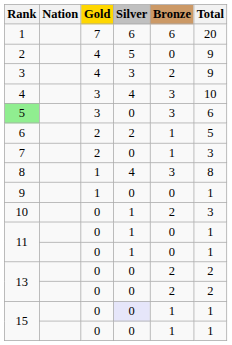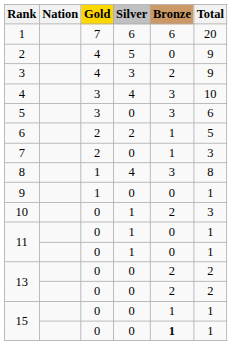 <table class="wikitable sortable" style="text-align:center">
 <tr>
 <th>Rank</th>
 <th>Nation</th>
 <th style="background-color:gold">Gold</th>
 <th style="background-color:silver">Silver</th>
 <th style="background-color:#cc9966">Bronze</th>
 <th>Total</th>
 </tr>
 <tr>
 <td>1</td>
 <td align=left></td>
 <td>7</td>
 <td>6</td>
 <td>6</td>
 <td>20</td>
 </tr>
 <tr>
 <td>2</td>
 <td align=left></td>
 <td>4</td>
 <td>5</td>
 <td>0</td>
 <td>9</td>
 </tr>
 <tr>
 <td>3</td>
 <td align=left></td>
 <td>4</td>
 <td>3</td>
 <td>2</td>
 <td>9</td>
 </tr>
 <tr>
 <td>4</td>
 <td align=left></td>
 <td>3</td>
 <td>4</td>
 <td>3</td>
 <td>10</td>
 </tr>
 <tr>
-<td style="background: lightgreen;">5</td>
+<td>5</td>
 <td align=left></td>
 <td>3</td>
 <td>0</td>
 <td>3</td>
 <td>6</td>
 </tr>
 <tr>
 <td>6</td>
 <td align=left></td>
 <td>2</td>
 <td>2</td>
 <td>1</td>
 <td>5</td>
 </tr>
 <tr>
 <td>7</td>
 <td align=left></td>
 <td>2</td>
 <td>0</td>
 <td>1</td>
 <td>3</td>
 </tr>
 <tr>
 <td>8</td>
 <td align=left></td>
 <td>1</td>
 <td>4</td>
 <td>3</td>
 <td>8</td>
 </tr>
 <tr>
 <td>9</td>
 <td align=left></td>
 <td>1</td>
 <td>0</td>
 <td>0</td>
 <td>1</td>
 </tr>
 <tr>
 <td>10</td>
 <td align=left></td>
 <td>0</td>
 <td>1</td>
 <td>2</td>
 <td>3</td>
 </tr>
 <tr>
 <td rowspan=2>11</td>
 <td align=left></td>
 <td>0</td>
 <td>1</td>
 <td>0</td>
 <td>1</td>
 </tr>
 <tr>
 <td align=left></td>
 <td>0</td>
 <td>1</td>
 <td>0</td>
 <td>1</td>
 </tr>
 <tr>
 <td rowspan=2>13</td>
 <td align=left></td>
 <td>0</td>
 <td>0</td>
 <td>2</td>
 <td>2</td>
 </tr>
 <tr>
 <td align=left></td>
 <td>0</td>
 <td>0</td>
 <td>2</td>
 <td>2</td>
 </tr>
 <tr>
 <td rowspan=2>15</td>
 <td align=left></td>
 <td>0</td>
-<td style="background: lavender;">0</td>
+<td>0</td>
 <td>1</td>
 <td>1</td>
 </tr>
 <tr>
 <td align=left></td>
 <td>0</td>
 <td>0</td>
-<td>1</td>
+<td><strong>1</strong></td>
 <td>1</td>
 </tr>
 </table>
